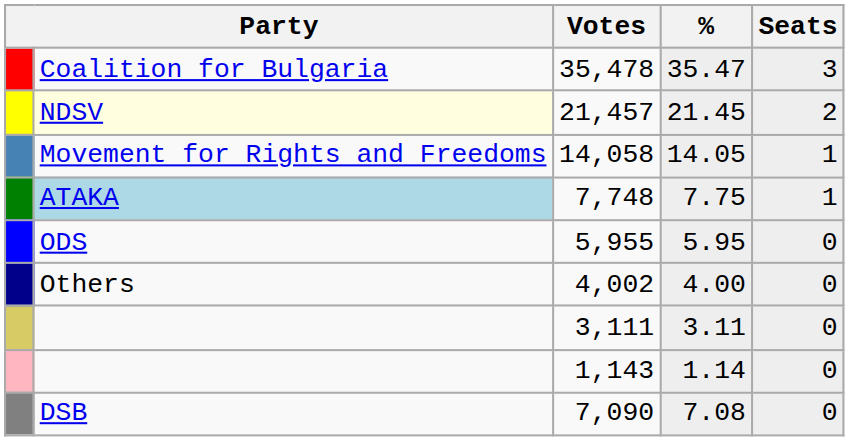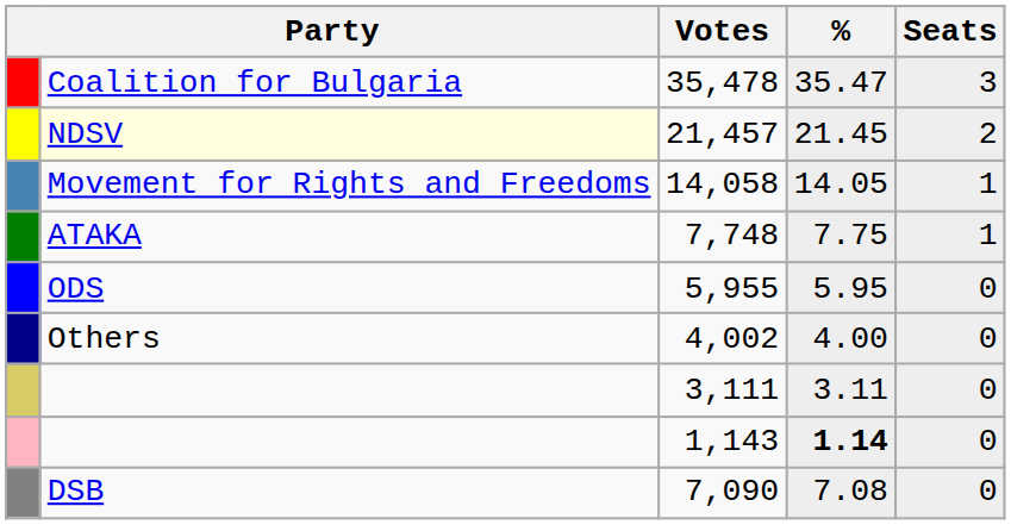 <table class="wikitable" border="1">
 <tr style="background-color:#C9C9C9">
 <th align=left colspan=2 valign=top>Party</th>
 <th align-right>Votes</th>
 <th align=right>%</th>
 <th align=right>Seats</th>
 </tr>
 <tr>
 <td bgcolor="red"> </td>
 <td align=left><a href='#'>Coalition for Bulgaria</a></td>
 <td align=right>35,478</td>
 <td align=right style="background-color:#EEEEEE">35.47</td>
 <td align=right style="background-color:#EEEEEE">3</td>
 </tr>
 <tr>
 <td bgcolor="yellow"> </td>
 <td align=left style="background: lightyellow;"><a href='#'>NDSV</a></td>
 <td align=right>21,457</td>
 <td align=right style="background-color:#EEEEEE">21.45</td>
 <td align=right style="background-color:#EEEEEE">2</td>
 </tr>
 <tr>
 <td bgcolor="#4682B4"> </td>
 <td align=left><a href='#'>Movement for Rights and Freedoms</a></td>
 <td align=right>14,058</td>
 <td align=right style="background-color:#EEEEEE">14.05</td>
 <td align=right style="background-color:#EEEEEE">1</td>
 </tr>
 <tr>
 <td bgcolor= green> </td>
-<td align=left style="background: lightblue;"><a href='#'>ATAKA</a></td>
+<td align=left><a href='#'>ATAKA</a></td>
 <td align=right>7,748</td>
 <td align=right style="background-color:#EEEEEE">7.75</td>
 <td align=right style="background-color:#EEEEEE">1</td>
 </tr>
 <tr>
 <td bgcolor="blue"> </td>
 <td align=left><a href='#'>ODS</a></td>
 <td align=right>5,955</td>
 <td align=right style="background-color:#EEEEEE">5.95</td>
 <td align=right style="background-color:#EEEEEE">0</td>
 </tr>
 <tr>
 <td bgcolor="darkblue"> </td>
 <td align=left>Others</td>
 <td align=right>4,002</td>
 <td align=right style="background-color:#EEEEEE">4.00</td>
 <td align=right style="background-color:#EEEEEE">0</td>
 </tr>
 <tr>
 <td bgcolor="#d6cb65"> </td>
 <td align=left></td>
 <td align=right>3,111</td>
 <td align=right style="background-color:#EEEEEE">3.11</td>
 <td align=right style="background-color:#EEEEEE">0</td>
 </tr>
 <tr>
 <td bgcolor="lightpink"> </td>
 <td align=left></td>
 <td align=right>1,143</td>
-<td align=right style="background-color:#EEEEEE">1.14</td>
+<td align=right style="background-color:#EEEEEE"><strong>1.14</strong></td>
 <td align=right style="background-color:#EEEEEE">0</td>
 </tr>
 <tr>
 <td bgcolor="grey"> </td>
 <td align=left><a href='#'> DSB</a></td>
 <td align=right>7,090</td>
 <td align=right style="background-color:#EEEEEE">7.08</td>
 <td align=right style="background-color:#EEEEEE">0</td>
 </tr>
 </table>
